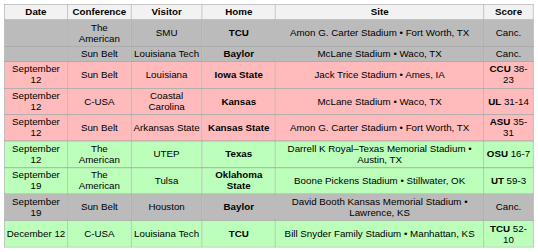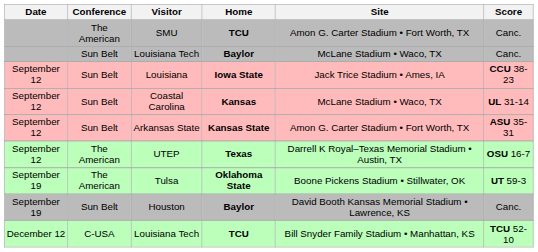 <table class="wikitable" style="text-align:center">
 <tr>
 <th>Date</th>
 <th>Conference</th>
 <th>Visitor</th>
 <th>Home</th>
 <th>Site</th>
 <th>Score</th>
 </tr>
 <tr style="background:#bbb">
 <td></td>
 <td>The American</td>
 <td>SMU</td>
 <td><strong>TCU</strong></td>
 <td>Amon G. Carter Stadium • Fort Worth, TX</td>
 <td>Canc.</td>
 </tr>
 <tr>
 </tr>
 <tr style="background:#bbb">
 <td></td>
 <td>Sun Belt</td>
 <td>Louisiana Tech</td>
 <td><strong>Baylor</strong></td>
 <td>McLane Stadium • Waco, TX</td>
 <td>Canc.</td>
 </tr>
 <tr>
 </tr>
 <tr style="background:#fbb">
 <td>September 12</td>
 <td>Sun Belt</td>
 <td>Louisiana</td>
 <td><strong>Iowa State</strong></td>
 <td>Jack Trice Stadium • Ames, IA</td>
 <td><strong>CCU</strong> 38-23</td>
 </tr>
 <tr>
 </tr>
 <tr style="background:#fbb">
 <td>September 12</td>
-<td>C-USA</td>
+<td>Sun Belt</td>
 <td>Coastal Carolina</td>
 <td><strong>Kansas</strong></td>
 <td>McLane Stadium • Waco, TX</td>
 <td><strong>UL</strong> 31-14</td>
 </tr>
 <tr>
 </tr>
 <tr style="background:#fbb">
 <td>September 12</td>
 <td>Sun Belt</td>
 <td>Arkansas State</td>
 <td><strong>Kansas State</strong></td>
 <td>Amon G. Carter Stadium • Fort Worth, TX</td>
 <td><strong>ASU</strong> 35-31</td>
 </tr>
 <tr>
 </tr>
 <tr style="background:#bfb">
 <td>September 12</td>
 <td>The American</td>
 <td>UTEP</td>
 <td><strong>Texas</strong></td>
 <td>Darrell K Royal–Texas Memorial Stadium • Austin, TX</td>
 <td><strong>OSU</strong> 16-7</td>
 </tr>
 <tr>
 </tr>
 <tr style="background:#bfb">
 <td>September 19</td>
 <td>The American</td>
 <td>Tulsa</td>
 <td><strong>Oklahoma State</strong></td>
 <td>Boone Pickens Stadium • Stillwater, OK</td>
 <td><strong>UT</strong> 59-3</td>
 </tr>
 <tr>
 </tr>
 <tr style="background:#bbb">
 <td>September 19</td>
 <td>Sun Belt</td>
 <td>Houston</td>
 <td><strong>Baylor</strong></td>
 <td>David Booth Kansas Memorial Stadium • Lawrence, KS</td>
 <td>Canc.</td>
 </tr>
 <tr>
 </tr>
 <tr style="background:#bfb">
 <td>December 12</td>
 <td>C-USA</td>
 <td>Louisiana Tech</td>
 <td><strong>TCU</strong></td>
 <td>Bill Snyder Family Stadium • Manhattan, KS</td>
 <td><strong>TCU</strong> 52-10</td>
 </tr>
 </table>
